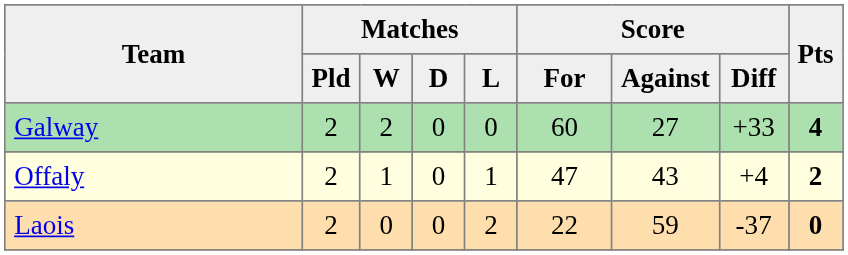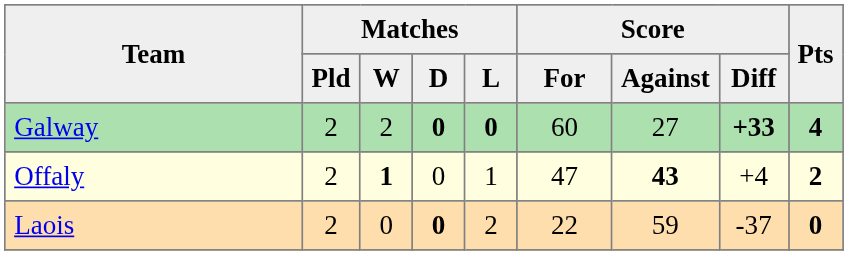 <table style=border-collapse:collapse border=1 cellspacing=0 cellpadding=5>
 <tr align=center bgcolor=#efefef>
 <th rowspan=2 width=165>Team</th>
 <th colspan=4>Matches</th>
 <th colspan=3>Score</th>
 <th rowspan=2width=20>Pts</th>
 </tr>
 <tr align=center bgcolor=#efefef>
 <th width=20>Pld</th>
 <th width=20>W</th>
 <th width=20>D</th>
 <th width=20>L</th>
 <th width=45>For</th>
 <th width=45>Against</th>
 <th width=30>Diff</th>
 </tr>
 <tr align=center style="background:#ACE1AF;">
 <td style="text-align:left;"> <a href='#'>Galway</a></td>
 <td>2</td>
 <td>2</td>
-<td>0</td>
-<td>0</td>
+<td><strong>0</strong></td>
+<td><strong>0</strong></td>
 <td>60</td>
 <td>27</td>
-<td>+33</td>
+<td><strong>+33</strong></td>
 <td><strong>4</strong></td>
 </tr>
 <tr align=center style="background:#FFFFE0;">
 <td style="text-align:left;"> <a href='#'>Offaly</a></td>
 <td>2</td>
-<td>1</td>
+<td><strong>1</strong></td>
 <td>0</td>
 <td>1</td>
 <td>47</td>
-<td>43</td>
+<td><strong>43</strong></td>
 <td>+4</td>
 <td><strong>2</strong></td>
 </tr>
 <tr align=center style="background:#FFDEAD;">
 <td style="text-align:left;"> <a href='#'>Laois</a></td>
 <td>2</td>
 <td>0</td>
-<td>0</td>
+<td><strong>0</strong></td>
 <td>2</td>
 <td>22</td>
 <td>59</td>
 <td>-37</td>
 <td><strong>0</strong></td>
 </tr>
 </table>
